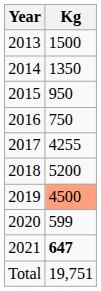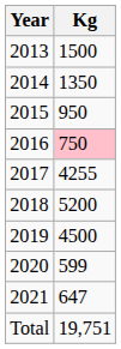 <table class="wikitable mw-collapsible mw-collapsed">
 <tr>
 <th>Year</th>
 <th>Kg</th>
 </tr>
 <tr>
 <td>2013</td>
 <td>1500</td>
 </tr>
 <tr>
 <td>2014</td>
 <td>1350</td>
 </tr>
 <tr>
 <td>2015</td>
 <td>950</td>
 </tr>
 <tr>
 <td>2016</td>
-<td>750</td>
+<td style="background: pink;">750</td>
 </tr>
 <tr>
 <td>2017</td>
 <td>4255</td>
 </tr>
 <tr>
 <td>2018</td>
 <td>5200</td>
 </tr>
 <tr>
 <td>2019</td>
-<td style="background: lightsalmon;">4500</td>
+<td>4500</td>
 </tr>
 <tr>
 <td>2020</td>
 <td>599</td>
 </tr>
 <tr>
 <td>2021</td>
-<td><strong>647</strong></td>
+<td>647</td>
 </tr>
 <tr>
 <td>Total</td>
 <td>19,751</td>
 </tr>
 </table>
